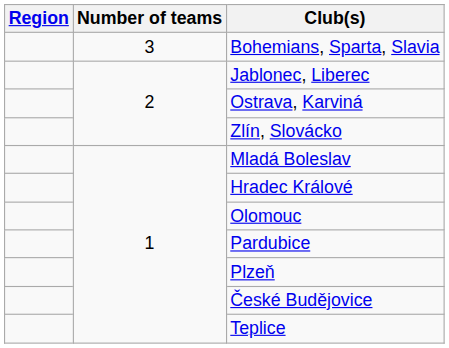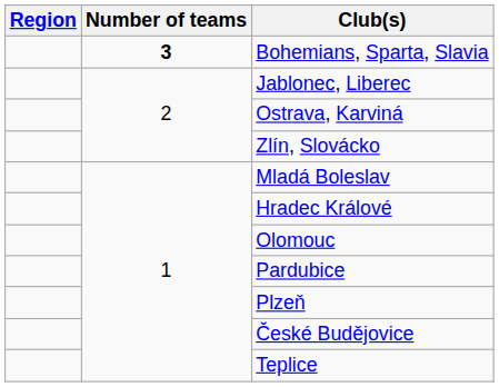 <table class="wikitable">
 <tr>
 <th><a href='#'>Region</a></th>
 <th>Number of teams</th>
 <th>Club(s)</th>
 </tr>
 <tr>
 <td></td>
-<td align="center" rowspan=1>3</td>
+<td align="center" rowspan=1><strong>3</strong></td>
 <td><a href='#'>Bohemians</a>, <a href='#'>Sparta</a>, <a href='#'>Slavia</a></td>
 </tr>
 <tr>
 <td></td>
 <td align="center" rowspan=3>2</td>
 <td><a href='#'>Jablonec</a>, <a href='#'>Liberec</a></td>
 </tr>
 <tr>
 <td></td>
 <td><a href='#'>Ostrava</a>, <a href='#'>Karviná</a></td>
 </tr>
 <tr>
 <td></td>
 <td><a href='#'>Zlín</a>, <a href='#'>Slovácko</a></td>
 </tr>
 <tr>
 <td></td>
 <td align="center" rowspan=7>1</td>
 <td><a href='#'>Mladá Boleslav</a></td>
 </tr>
 <tr>
 <td></td>
 <td><a href='#'>Hradec Králové</a></td>
 </tr>
 <tr>
 <td></td>
 <td><a href='#'>Olomouc</a></td>
 </tr>
 <tr>
 <td></td>
 <td><a href='#'>Pardubice</a></td>
 </tr>
 <tr>
 <td></td>
 <td><a href='#'>Plzeň</a></td>
 </tr>
 <tr>
 <td></td>
 <td><a href='#'>České Budějovice</a></td>
 </tr>
 <tr>
 <td></td>
 <td><a href='#'>Teplice</a></td>
 </tr>
 </table>
